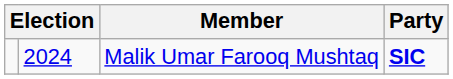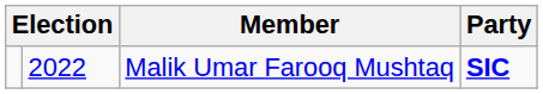 <table class="wikitable">
 <tr>
 <th colspan="2">Election</th>
 <th>Member</th>
 <th>Party</th>
 </tr>
 <tr>
 <td style="background-color: "></td>
-<td><a href='#'>2024</a></td>
+<td><a href='#'>2022</a></td>
 <td><a href='#'>Malik Umar Farooq Mushtaq</a></td>
 <td><strong><a href='#'>SIC</a></strong></td>
 </tr>
 </table>
